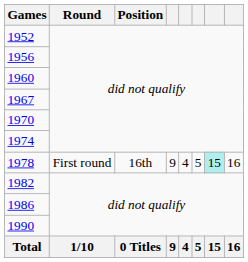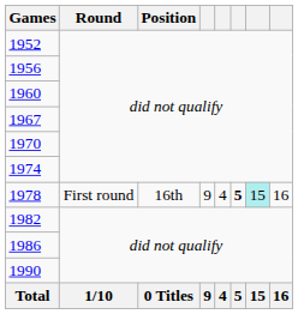 <table class="wikitable" style="text-align:center;">
 <tr>
 <th>Games</th>
 <th>Round</th>
 <th>Position</th>
 <th></th>
 <th></th>
 <th></th>
 <th></th>
 <th></th>
 </tr>
 <tr>
 <td style="text-align: left;"> <a href='#'>1952</a></td>
 <td colspan=7 rowspan=6><em>did not qualify</em></td>
 </tr>
 <tr>
 <td style="text-align: left;"> <a href='#'>1956</a></td>
 </tr>
 <tr>
 <td style="text-align: left;"> <a href='#'>1960</a></td>
 </tr>
 <tr>
 <td style="text-align: left;"> <a href='#'>1967</a></td>
 </tr>
 <tr>
 <td style="text-align: left;"> <a href='#'>1970</a></td>
 </tr>
 <tr>
 <td style="text-align: left;"> <a href='#'>1974</a></td>
 </tr>
 <tr>
 <td style="text-align: left;"> <a href='#'>1978</a></td>
 <td>First round</td>
 <td>16th</td>
 <td>9</td>
 <td>4</td>
-<td>5</td>
+<td><strong>5</strong></td>
 <td style="background: paleturquoise;">15</td>
 <td>16</td>
 </tr>
 <tr>
 <td style="text-align: left;"> <a href='#'>1982</a></td>
 <td colspan=7 rowspan=3><em>did not qualify</em></td>
 </tr>
 <tr>
 <td style="text-align: left;"> <a href='#'>1986</a></td>
 </tr>
 <tr>
 <td style="text-align: left;"> <a href='#'>1990</a></td>
 </tr>
 <tr>
 <th>Total</th>
 <th>1/10</th>
 <th>0 Titles</th>
 <th>9</th>
 <th>4</th>
 <th>5</th>
 <th>15</th>
 <th>16</th>
 </tr>
 </table>
